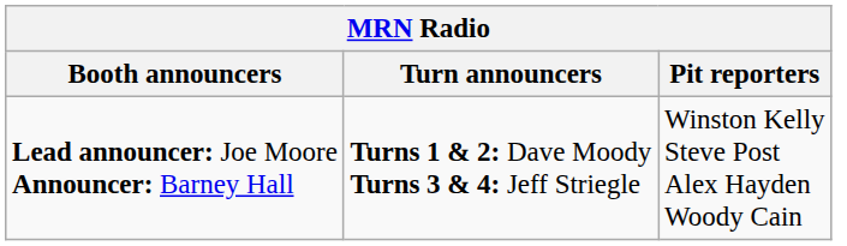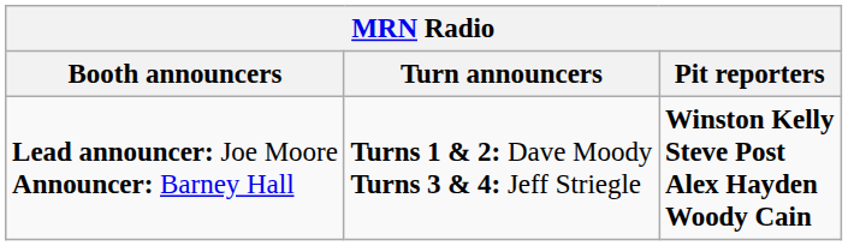 <table class="wikitable" style="font-size: 95%;">
 <tr>
 <th colspan="3"><a href='#'>MRN</a> Radio</th>
 </tr>
 <tr>
 <th>Booth announcers</th>
 <th>Turn announcers</th>
 <th>Pit reporters</th>
 </tr>
 <tr>
 <td><strong>Lead announcer:</strong> Joe Moore<br><strong>Announcer:</strong> <a href='#'>Barney Hall</a></td>
 <td><strong>Turns 1 & 2:</strong> Dave Moody<br><strong>Turns 3 & 4:</strong> Jeff Striegle</td>
-<td>Winston Kelly<br>Steve Post<br>Alex Hayden<br>Woody Cain</td>
+<td><strong>Winston Kelly<br>Steve Post<br>Alex Hayden<br>Woody Cain</strong></td>
 </tr>
 </table>
